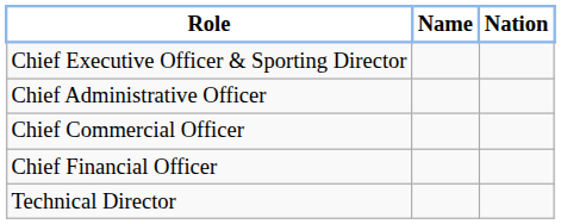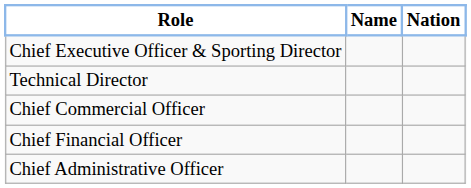 <table class="wikitable sortable">
 <tr>
 <th style="background:#FFFFFF; colour:#15284B; border:2px solid #8DB8E9;" scope="col">Role</th>
 <th style="background:#FFFFFF; colour:#15284B; border:2px solid #8DB8E9;" scope="col">Name</th>
 <th style="background:#FFFFFF; colour:#15284B; border:2px solid #8DB8E9;" scope="col">Nation</th>
 </tr>
 <tr>
 <td>Chief Executive Officer & Sporting Director</td>
 <td></td>
 <td></td>
 </tr>
 <tr>
-<td>Chief Administrative Officer</td>
+<td>Technical Director</td>
 <td></td>
 <td></td>
 </tr>
 <tr>
 <td>Chief Commercial Officer</td>
 <td></td>
 <td></td>
 </tr>
 <tr>
 <td>Chief Financial Officer</td>
 <td></td>
 <td></td>
 </tr>
 <tr>
-<td>Technical Director</td>
+<td>Chief Administrative Officer</td>
 <td></td>
 <td></td>
 </tr>
 </table>
